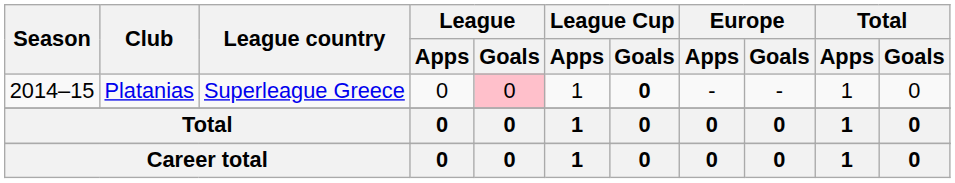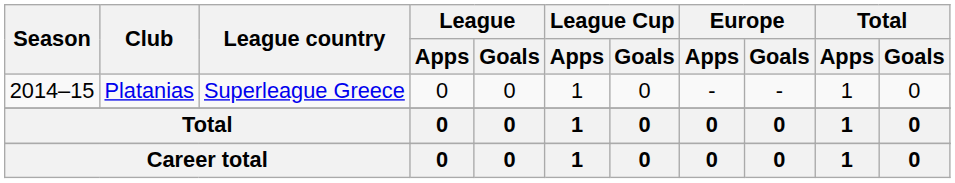 <table class="wikitable" style="text-align: center;">
 <tr>
 <th rowspan="2">Season</th>
 <th rowspan="2">Club</th>
 <th rowspan="2">League country</th>
 <th colspan="2">League</th>
 <th colspan="2">League Cup</th>
 <th colspan="2">Europe</th>
 <th colspan="2">Total</th>
 </tr>
 <tr>
 <th>Apps</th>
 <th>Goals</th>
 <th>Apps</th>
 <th>Goals</th>
 <th>Apps</th>
 <th>Goals</th>
 <th>Apps</th>
 <th>Goals</th>
 </tr>
 <tr>
 <td rowspan="1">2014–15</td>
 <td rowspan="1" valign="center"><a href='#'>Platanias</a></td>
 <td rowspan="1"><a href='#'>Superleague Greece</a></td>
 <td>0</td>
-<td style="background: pink;">0</td>
+<td>0</td>
 <td>1</td>
-<td><strong>0</strong></td>
+<td>0</td>
 <td>-</td>
 <td>-</td>
 <td>1</td>
 <td>0</td>
 </tr>
 <tr>
 </tr>
 <tr>
 <th colspan="3" valign="center">Total</th>
 <th>0</th>
 <th>0</th>
 <th>1</th>
 <th>0</th>
 <th>0</th>
 <th>0</th>
 <th>1</th>
 <th>0</th>
 </tr>
 <tr>
 </tr>
 <tr>
 <th colspan="3">Career total</th>
 <th>0</th>
 <th>0</th>
 <th>1</th>
 <th>0</th>
 <th>0</th>
 <th>0</th>
 <th>1</th>
 <th>0</th>
 </tr>
 </table>
